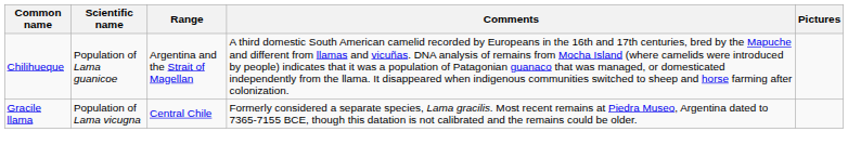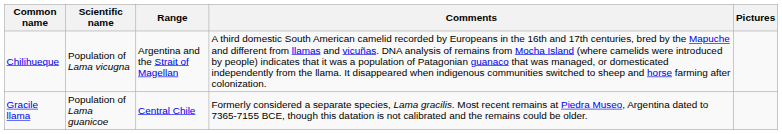 <table class="wikitable">
 <tr>
 <th>Common name</th>
 <th>Scientific name</th>
 <th>Range</th>
 <th class="unsortable">Comments</th>
 <th>Pictures</th>
 </tr>
 <tr>
 <td><a href='#'>Chilihueque</a></td>
-<td>Population of <em>Lama guanicoe</em></td>
+<td>Population of <em>Lama vicugna</em></td>
 <td>Argentina and the <a href='#'>Strait of Magellan</a></td>
 <td>A third domestic South American camelid recorded by Europeans in the 16th and 17th centuries, bred by the <a href='#'>Mapuche</a> and different from <a href='#'>llamas</a> and <a href='#'>vicuñas</a>. DNA analysis of remains from <a href='#'>Mocha Island</a> (where camelids were introduced by people) indicates that it was a population of Patagonian <a href='#'>guanaco</a> that was managed, or domesticated independently from the llama. It disappeared when indigenous communities switched to sheep and <a href='#'>horse</a> farming after colonization.</td>
 <td></td>
 </tr>
 <tr>
 <td><a href='#'>Gracile llama</a></td>
-<td>Population of <em>Lama vicugna</em></td>
+<td>Population of <em>Lama guanicoe</em></td>
 <td><a href='#'>Central Chile</a></td>
 <td>Formerly considered a separate species, <em>Lama gracilis</em>. Most recent remains at <a href='#'>Piedra Museo</a>, Argentina dated to 7365-7155 BCE, though this datation is not calibrated and the remains could be older.</td>
 </tr>
 </table>
